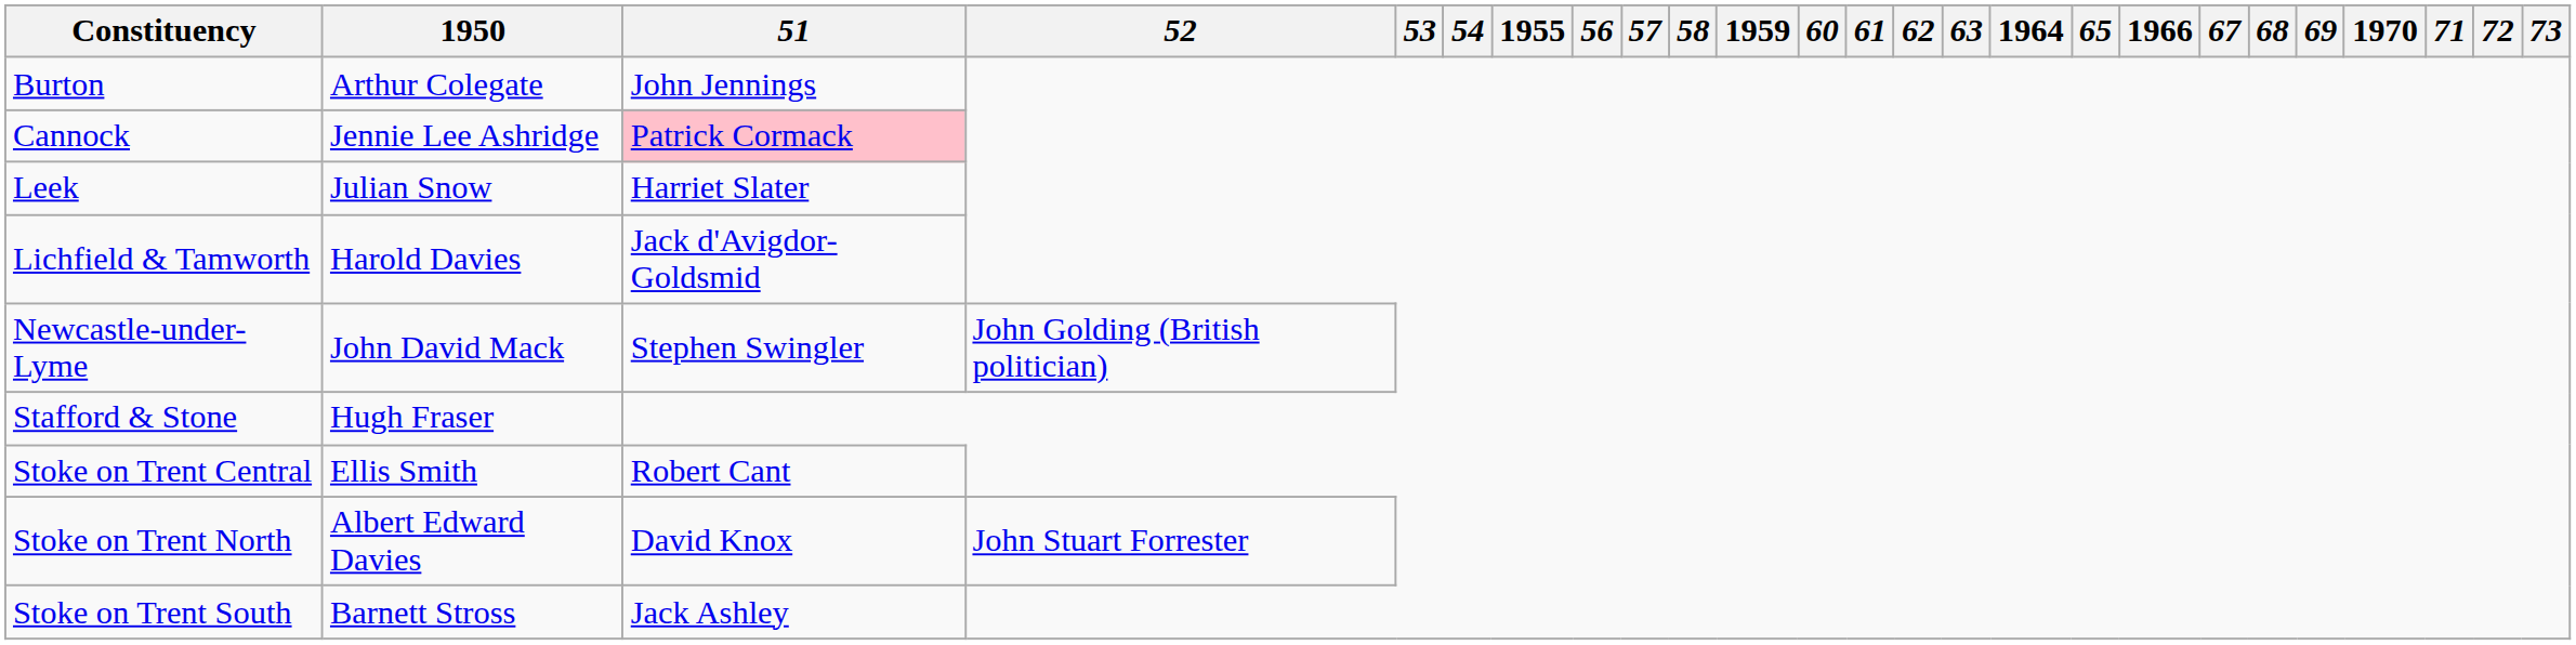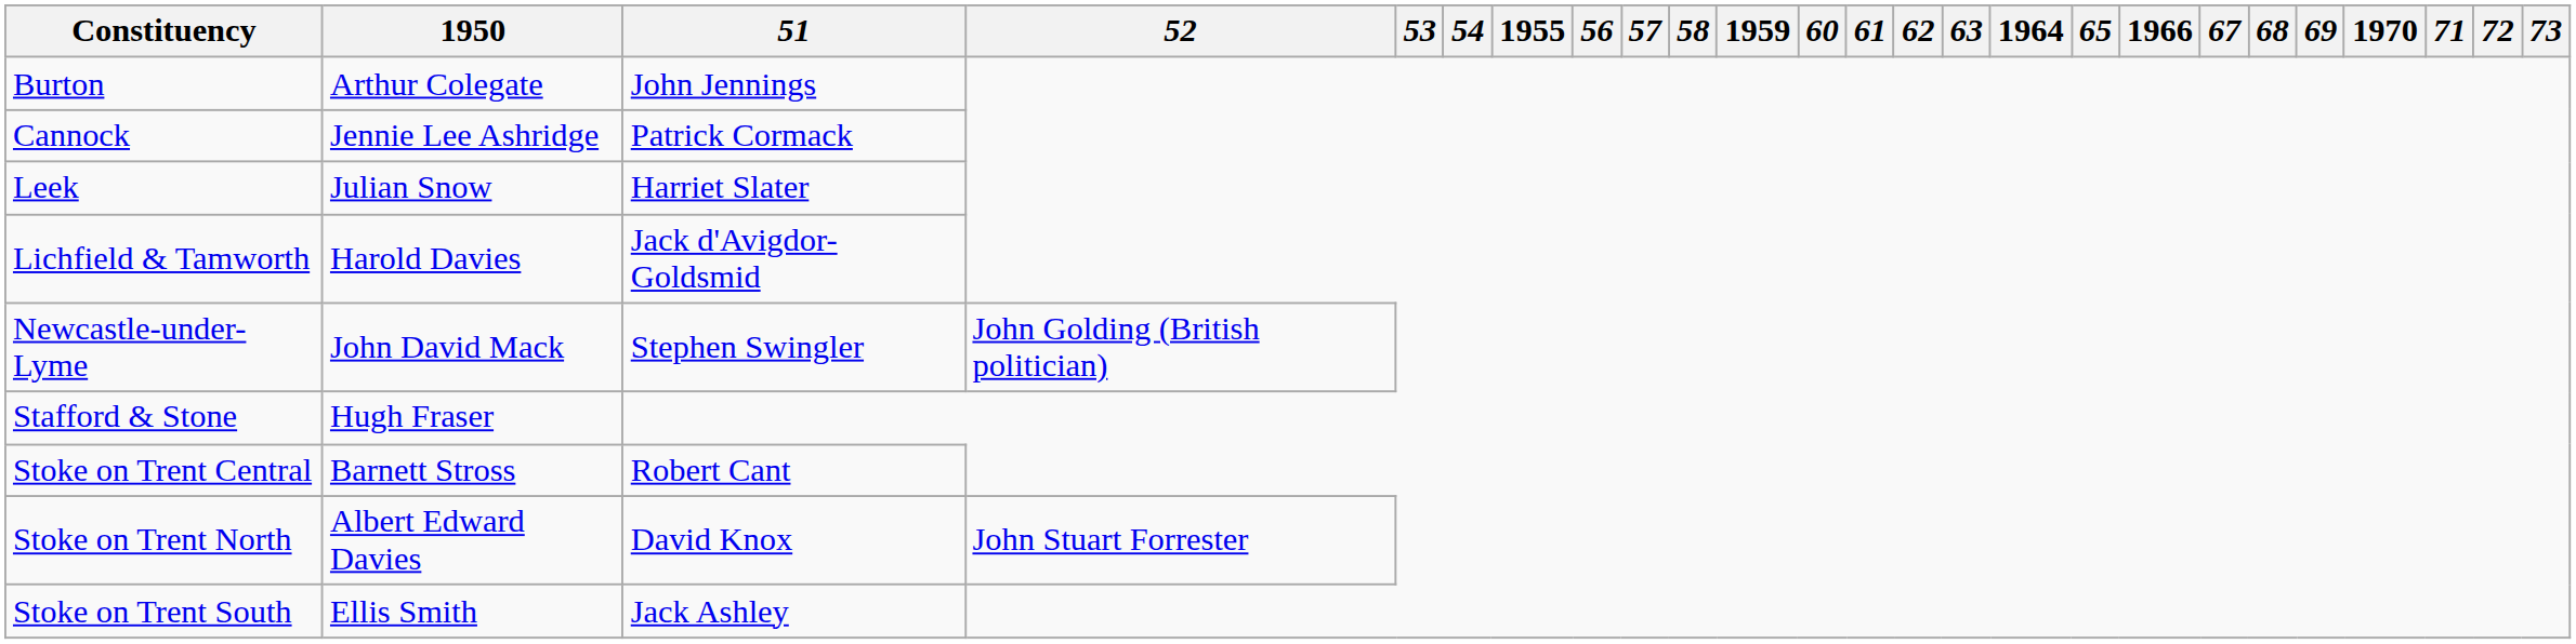 <table class="wikitable">
 <tr>
 <th>Constituency</th>
 <th>1950</th>
 <th><em>51</em></th>
 <th><em>52</em></th>
 <th><em>53</em></th>
 <th><em>54</em></th>
 <th>1955</th>
 <th><em>56</em></th>
 <th><em>57</em></th>
 <th><em>58</em></th>
 <th>1959</th>
 <th><em>60</em></th>
 <th><em>61</em></th>
 <th><em>62</em></th>
 <th><em>63</em></th>
 <th>1964</th>
 <th><em>65</em></th>
 <th>1966</th>
 <th><em>67</em></th>
 <th><em>68</em></th>
 <th><em>69</em></th>
 <th>1970</th>
 <th><em>71</em></th>
 <th><em>72</em></th>
 <th><em>73</em></th>
 </tr>
 <tr>
 <td><a href='#'>Burton</a></td>
 <td><a href='#'>Arthur Colegate</a></td>
 <td><a href='#'>John Jennings</a></td>
 </tr>
 <tr>
 <td><a href='#'>Cannock</a></td>
 <td><a href='#'>Jennie Lee Ashridge</a></td>
-<td style="background: pink;"><a href='#'>Patrick Cormack</a></td>
+<td><a href='#'>Patrick Cormack</a></td>
 </tr>
 <tr>
 <td><a href='#'>Leek</a></td>
 <td><a href='#'>Julian Snow</a></td>
 <td><a href='#'>Harriet Slater</a></td>
 </tr>
 <tr>
 <td><a href='#'>Lichfield & Tamworth</a></td>
 <td><a href='#'>Harold Davies</a></td>
 <td><a href='#'>Jack d'Avigdor-Goldsmid</a></td>
 </tr>
 <tr>
 <td><a href='#'>Newcastle-under-Lyme</a></td>
 <td><a href='#'>John David Mack</a></td>
 <td><a href='#'>Stephen Swingler</a></td>
 <td><a href='#'>John Golding (British politician)</a></td>
 </tr>
 <tr>
 <td><a href='#'>Stafford & Stone</a></td>
 <td><a href='#'>Hugh Fraser</a></td>
 </tr>
 <tr>
 <td><a href='#'>Stoke on Trent Central</a></td>
-<td><a href='#'>Ellis Smith</a></td>
+<td><a href='#'>Barnett Stross</a></td>
 <td><a href='#'>Robert Cant</a></td>
 </tr>
 <tr>
 <td><a href='#'>Stoke on Trent North</a></td>
 <td><a href='#'>Albert Edward Davies</a></td>
 <td><a href='#'>David Knox</a></td>
 <td><a href='#'>John Stuart Forrester</a></td>
 </tr>
 <tr>
 <td><a href='#'>Stoke on Trent South</a></td>
-<td><a href='#'>Barnett Stross</a></td>
+<td><a href='#'>Ellis Smith</a></td>
 <td><a href='#'>Jack Ashley</a></td>
 </tr>
 </table>
